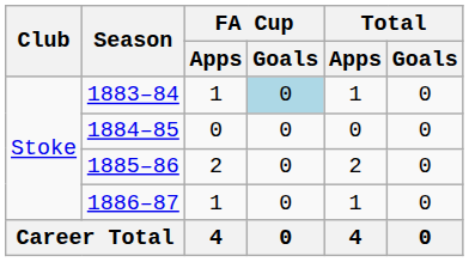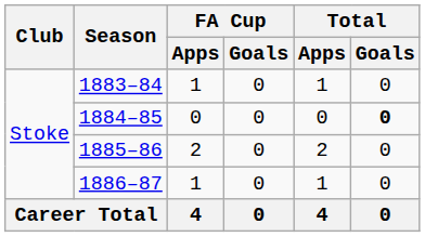 <table class="wikitable" style="text-align: center;">
 <tr>
 <th rowspan="2">Club</th>
 <th rowspan="2">Season</th>
 <th colspan="2">FA Cup</th>
 <th colspan="2">Total</th>
 </tr>
 <tr>
 <th>Apps</th>
 <th>Goals</th>
 <th>Apps</th>
 <th>Goals</th>
 </tr>
 <tr>
 <td rowspan="4"><a href='#'>Stoke</a></td>
 <td><a href='#'>1883–84</a></td>
 <td>1</td>
-<td style="background: lightblue;">0</td>
+<td>0</td>
 <td>1</td>
 <td>0</td>
 </tr>
 <tr>
 <td><a href='#'>1884–85</a></td>
 <td>0</td>
 <td>0</td>
 <td>0</td>
-<td>0</td>
+<td><strong>0</strong></td>
 </tr>
 <tr>
 <td><a href='#'>1885–86</a></td>
 <td>2</td>
 <td>0</td>
 <td>2</td>
 <td>0</td>
 </tr>
 <tr>
 <td><a href='#'>1886–87</a></td>
 <td>1</td>
 <td>0</td>
 <td>1</td>
 <td>0</td>
 </tr>
 <tr>
 <th colspan="2">Career Total</th>
 <th>4</th>
 <th>0</th>
 <th>4</th>
 <th>0</th>
 </tr>
 </table>
